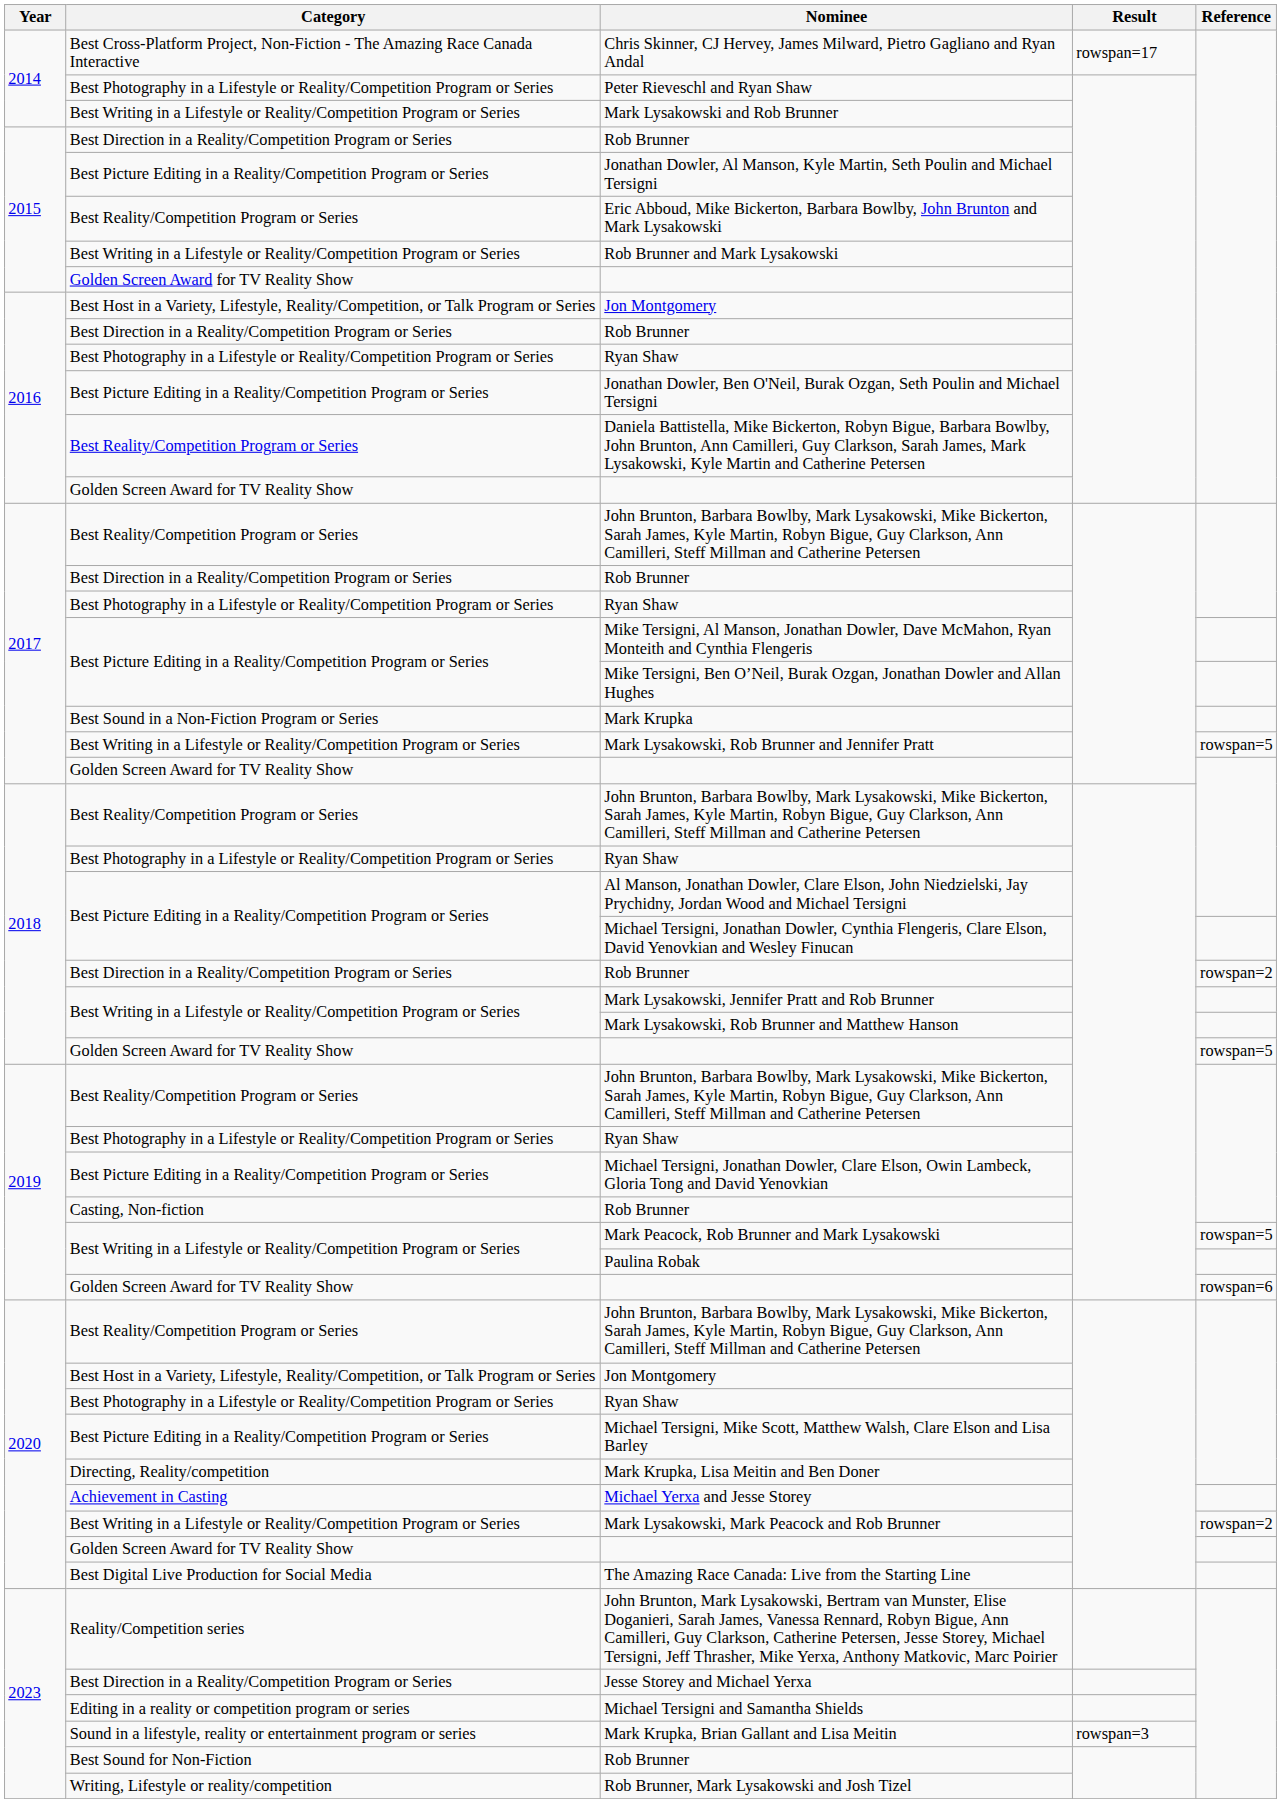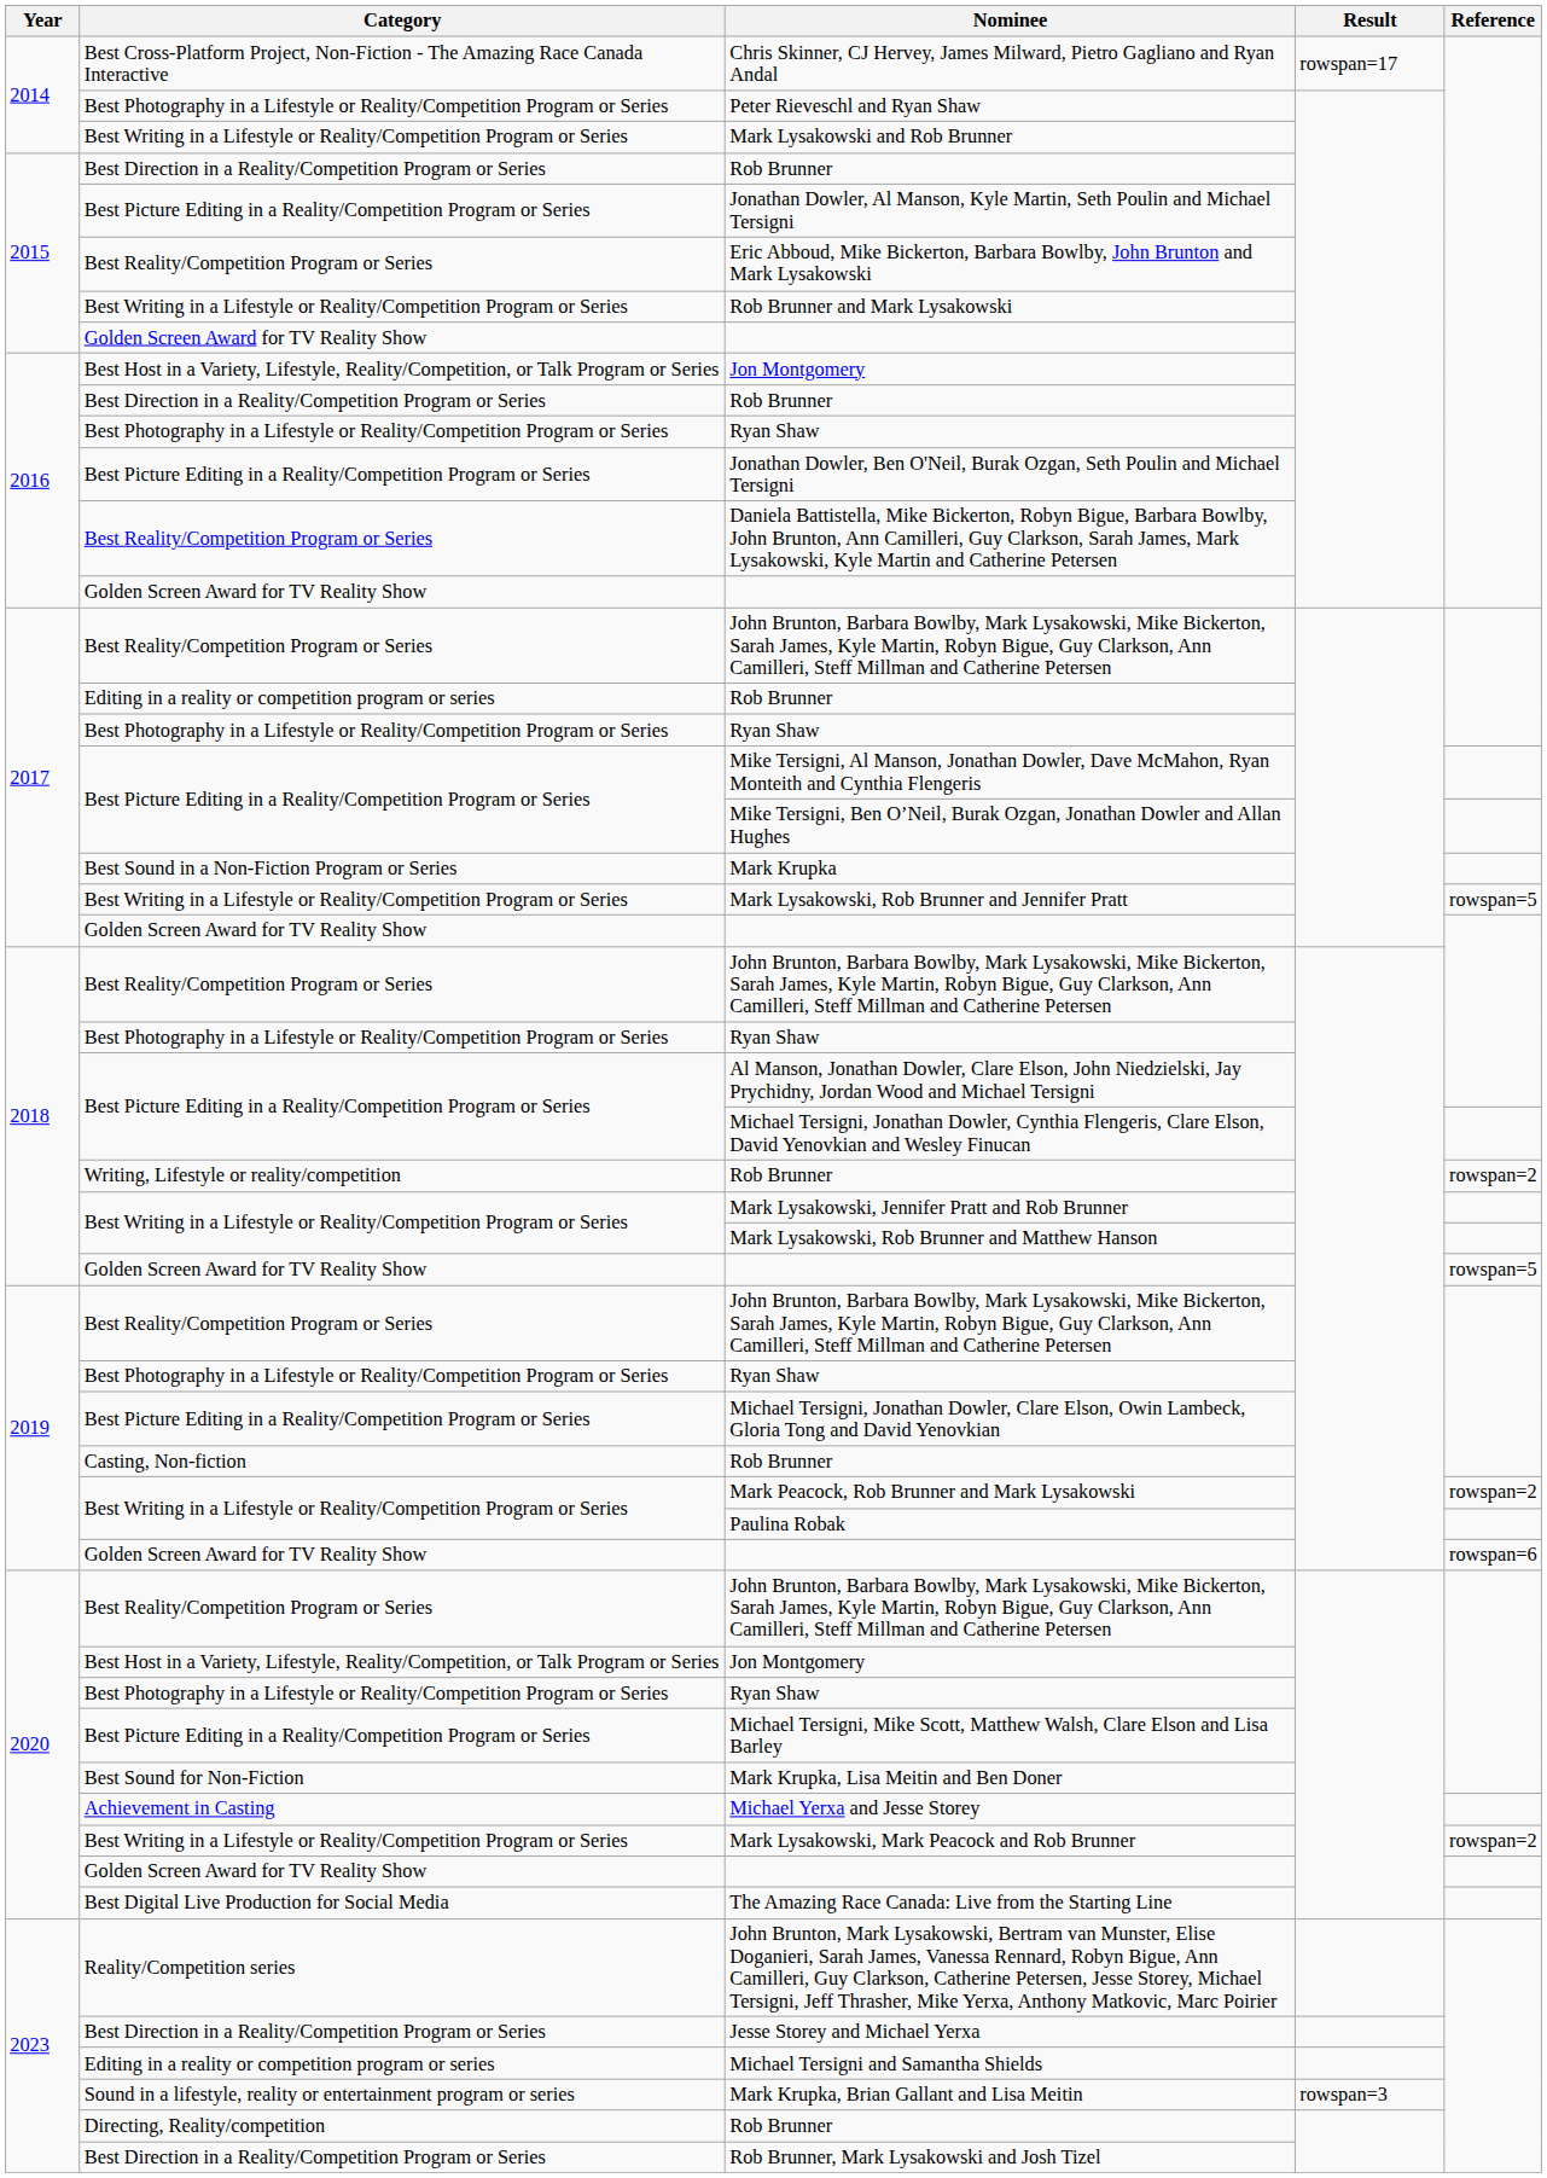 <table class="wikitable">
 <tr>
 <th width=5%>Year</th>
 <th width=45%>Category</th>
 <th width=40%>Nominee</th>
 <th width=10%>Result</th>
 <th width=5%>Reference</th>
 </tr>
 <tr>
 <td rowspan=3><a href='#'>2014</a></td>
 <td>Best Cross-Platform Project, Non-Fiction - The Amazing Race Canada Interactive</td>
 <td>Chris Skinner, CJ Hervey, James Milward, Pietro Gagliano and Ryan Andal</td>
 <td>rowspan=17 </td>
 <td rowspan=14 style="text-align:center;"></td>
 </tr>
 <tr>
 <td>Best Photography in a Lifestyle or Reality/Competition Program or Series</td>
 <td>Peter Rieveschl and Ryan Shaw </td>
 </tr>
 <tr>
 <td>Best Writing in a Lifestyle or Reality/Competition Program or Series</td>
 <td>Mark Lysakowski and Rob Brunner </td>
 </tr>
 <tr>
 <td rowspan=5><a href='#'>2015</a></td>
 <td>Best Direction in a Reality/Competition Program or Series</td>
 <td>Rob Brunner </td>
 </tr>
 <tr>
 <td>Best Picture Editing in a Reality/Competition Program or Series</td>
 <td>Jonathan Dowler, Al Manson, Kyle Martin, Seth Poulin and Michael Tersigni </td>
 </tr>
 <tr>
 <td>Best Reality/Competition Program or Series</td>
 <td>Eric Abboud, Mike Bickerton, Barbara Bowlby, <a href='#'>John Brunton</a> and Mark Lysakowski</td>
 </tr>
 <tr>
 <td>Best Writing in a Lifestyle or Reality/Competition Program or Series</td>
 <td>Rob Brunner and Mark Lysakowski </td>
 </tr>
 <tr>
 <td><a href='#'>Golden Screen Award</a> for TV Reality Show</td>
 <td></td>
 </tr>
 <tr>
 <td rowspan=6><a href='#'>2016</a></td>
 <td>Best Host in a Variety, Lifestyle, Reality/Competition, or Talk Program or Series</td>
 <td><a href='#'>Jon Montgomery</a></td>
 </tr>
 <tr>
 <td>Best Direction in a Reality/Competition Program or Series</td>
 <td>Rob Brunner </td>
 </tr>
 <tr>
 <td>Best Photography in a Lifestyle or Reality/Competition Program or Series</td>
 <td>Ryan Shaw </td>
 </tr>
 <tr>
 <td>Best Picture Editing in a Reality/Competition Program or Series</td>
 <td>Jonathan Dowler, Ben O'Neil, Burak Ozgan, Seth Poulin and Michael Tersigni </td>
 </tr>
 <tr>
 <td><a href='#'>Best Reality/Competition Program or Series</a></td>
 <td>Daniela Battistella, Mike Bickerton, Robyn Bigue, Barbara Bowlby, John Brunton, Ann Camilleri, Guy Clarkson, Sarah James, Mark Lysakowski, Kyle Martin and Catherine Petersen</td>
 </tr>
 <tr>
 <td>Golden Screen Award for TV Reality Show</td>
 <td></td>
 </tr>
 <tr>
 <td rowspan=8><a href='#'>2017</a></td>
 <td>Best Reality/Competition Program or Series</td>
 <td>John Brunton, Barbara Bowlby, Mark Lysakowski, Mike Bickerton, Sarah James, Kyle Martin, Robyn Bigue, Guy Clarkson, Ann Camilleri, Steff Millman and Catherine Petersen</td>
 <td rowspan=8 style="text-align:center;"></td>
 </tr>
 <tr>
-<td>Best Direction in a Reality/Competition Program or Series</td>
+<td>Editing in a reality or competition program or series</td>
 <td>Rob Brunner </td>
 </tr>
 <tr>
 <td>Best Photography in a Lifestyle or Reality/Competition Program or Series</td>
 <td>Ryan Shaw </td>
 </tr>
 <tr>
 <td rowspan=2>Best Picture Editing in a Reality/Competition Program or Series</td>
 <td>Mike Tersigni, Al Manson, Jonathan Dowler, Dave McMahon, Ryan Monteith and Cynthia Flengeris </td>
 <td></td>
 </tr>
 <tr>
 <td>Mike Tersigni, Ben O’Neil, Burak Ozgan, Jonathan Dowler and Allan Hughes </td>
 <td></td>
 </tr>
 <tr>
 <td>Best Sound in a Non-Fiction Program or Series</td>
 <td>Mark Krupka </td>
 <td></td>
 </tr>
 <tr>
 <td>Best Writing in a Lifestyle or Reality/Competition Program or Series</td>
 <td>Mark Lysakowski, Rob Brunner and Jennifer Pratt </td>
 <td>rowspan=5 </td>
 </tr>
 <tr>
 <td>Golden Screen Award for TV Reality Show</td>
 <td></td>
 </tr>
 <tr>
 <td rowspan=8><a href='#'>2018</a></td>
 <td>Best Reality/Competition Program or Series</td>
 <td>John Brunton, Barbara Bowlby, Mark Lysakowski, Mike Bickerton, Sarah James, Kyle Martin, Robyn Bigue, Guy Clarkson, Ann Camilleri, Steff Millman and Catherine Petersen</td>
 <td rowspan=15 style="text-align:center;"></td>
 </tr>
 <tr>
 <td>Best Photography in a Lifestyle or Reality/Competition Program or Series</td>
 <td>Ryan Shaw </td>
 </tr>
 <tr>
 <td rowspan=2>Best Picture Editing in a Reality/Competition Program or Series</td>
 <td>Al Manson, Jonathan Dowler, Clare Elson, John Niedzielski, Jay Prychidny, Jordan Wood and Michael Tersigni </td>
 </tr>
 <tr>
 <td>Michael Tersigni, Jonathan Dowler, Cynthia Flengeris, Clare Elson, David Yenovkian and Wesley Finucan </td>
 <td></td>
 </tr>
 <tr>
-<td>Best Direction in a Reality/Competition Program or Series</td>
+<td>Writing, Lifestyle or reality/competition</td>
 <td>Rob Brunner </td>
 <td>rowspan=2 </td>
 </tr>
 <tr>
 <td rowspan=2>Best Writing in a Lifestyle or Reality/Competition Program or Series</td>
 <td>Mark Lysakowski, Jennifer Pratt and Rob Brunner </td>
 </tr>
 <tr>
 <td>Mark Lysakowski, Rob Brunner and Matthew Hanson </td>
 <td></td>
 </tr>
 <tr>
 <td>Golden Screen Award for TV Reality Show</td>
 <td></td>
 <td>rowspan=5 </td>
 </tr>
 <tr>
 <td rowspan=7><a href='#'>2019</a></td>
 <td>Best Reality/Competition Program or Series</td>
 <td>John Brunton, Barbara Bowlby, Mark Lysakowski, Mike Bickerton, Sarah James, Kyle Martin, Robyn Bigue, Guy Clarkson, Ann Camilleri, Steff Millman and Catherine Petersen</td>
 </tr>
 <tr>
 <td>Best Photography in a Lifestyle or Reality/Competition Program or Series</td>
 <td>Ryan Shaw </td>
 </tr>
 <tr>
 <td>Best Picture Editing in a Reality/Competition Program or Series</td>
 <td>Michael Tersigni, Jonathan Dowler, Clare Elson, Owin Lambeck, Gloria Tong and David Yenovkian </td>
 </tr>
 <tr>
 <td>Casting, Non-fiction</td>
 <td>Rob Brunner </td>
 </tr>
 <tr>
 <td rowspan=2>Best Writing in a Lifestyle or Reality/Competition Program or Series</td>
 <td>Mark Peacock, Rob Brunner and Mark Lysakowski </td>
-<td>rowspan=5 </td>
+<td>rowspan=2 </td>
 </tr>
 <tr>
 <td>Paulina Robak </td>
 </tr>
 <tr>
 <td>Golden Screen Award for TV Reality Show</td>
 <td></td>
 <td>rowspan=6 </td>
 </tr>
 <tr>
 <td rowspan=9><a href='#'>2020</a></td>
 <td>Best Reality/Competition Program or Series</td>
 <td>John Brunton, Barbara Bowlby, Mark Lysakowski, Mike Bickerton, Sarah James, Kyle Martin, Robyn Bigue, Guy Clarkson, Ann Camilleri, Steff Millman and Catherine Petersen</td>
 <td rowspan=9 style="text-align:center;"></td>
 </tr>
 <tr>
 <td>Best Host in a Variety, Lifestyle, Reality/Competition, or Talk Program or Series</td>
 <td>Jon Montgomery</td>
 </tr>
 <tr>
 <td>Best Photography in a Lifestyle or Reality/Competition Program or Series</td>
 <td>Ryan Shaw </td>
 </tr>
 <tr>
 <td>Best Picture Editing in a Reality/Competition Program or Series</td>
 <td>Michael Tersigni, Mike Scott, Matthew Walsh, Clare Elson and Lisa Barley </td>
 </tr>
 <tr>
-<td>Directing, Reality/competition</td>
+<td>Best Sound for Non-Fiction</td>
 <td>Mark Krupka, Lisa Meitin and Ben Doner </td>
 </tr>
 <tr>
 <td><a href='#'>Achievement in Casting</a></td>
 <td><a href='#'>Michael Yerxa</a> and Jesse Storey</td>
 <td></td>
 </tr>
 <tr>
 <td>Best Writing in a Lifestyle or Reality/Competition Program or Series</td>
 <td>Mark Lysakowski, Mark Peacock and Rob Brunner </td>
 <td>rowspan=2 </td>
 </tr>
 <tr>
 <td>Golden Screen Award for TV Reality Show</td>
 <td></td>
 </tr>
 <tr>
 <td>Best Digital Live Production for Social Media</td>
 <td>The Amazing Race Canada: Live from the Starting Line</td>
 <td></td>
 </tr>
 <tr>
 <td rowspan=6><a href='#'>2023</a></td>
 <td>Reality/Competition series</td>
 <td>John Brunton, Mark Lysakowski, Bertram van Munster, Elise Doganieri, Sarah James, Vanessa Rennard, Robyn Bigue, Ann Camilleri, Guy Clarkson, Catherine Petersen, Jesse Storey, Michael Tersigni, Jeff Thrasher, Mike Yerxa, Anthony Matkovic, Marc Poirier</td>
 <td></td>
 <td rowspan=6 style="text-align:center;"></td>
 </tr>
 <tr>
 <td>Best Direction in a Reality/Competition Program or Series</td>
 <td>Jesse Storey and Michael Yerxa</td>
 <td></td>
 </tr>
 <tr>
 <td>Editing in a reality or competition program or series</td>
 <td>Michael Tersigni and Samantha Shields </td>
 <td></td>
 </tr>
 <tr>
 <td>Sound in a lifestyle, reality or entertainment program or series</td>
 <td>Mark Krupka, Brian Gallant and Lisa Meitin </td>
 <td>rowspan=3 </td>
 </tr>
 <tr>
-<td>Best Sound for Non-Fiction</td>
+<td>Directing, Reality/competition</td>
 <td>Rob Brunner </td>
 </tr>
 <tr>
-<td>Writing, Lifestyle or reality/competition</td>
+<td>Best Direction in a Reality/Competition Program or Series</td>
 <td>Rob Brunner, Mark Lysakowski and Josh Tizel </td>
 </tr>
 </table>
